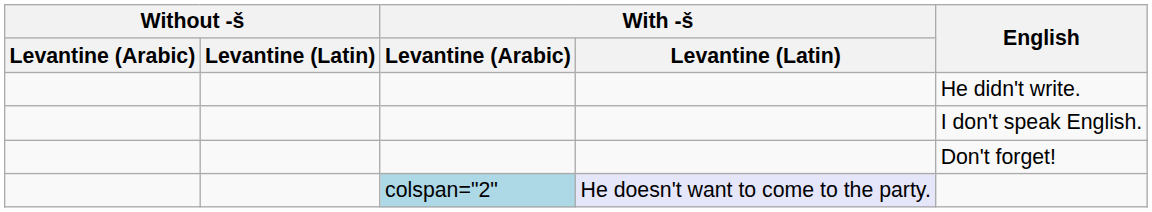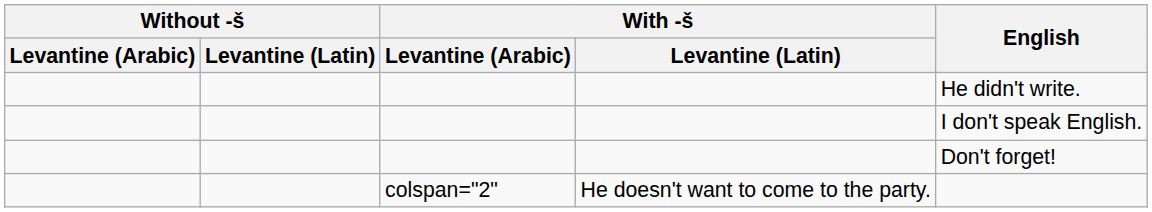 <table class="wikitable">
 <tr>
 <th colspan="2">Without -š</th>
 <th colspan="2">With -š</th>
 <th rowspan="2">English</th>
 </tr>
 <tr>
 <th>Levantine (Arabic)</th>
 <th>Levantine (Latin)</th>
 <th>Levantine (Arabic)</th>
 <th>Levantine (Latin)</th>
 </tr>
 <tr>
 <td style="text-align: right;"></td>
 <td></td>
 <td style="text-align: right;"></td>
 <td></td>
 <td>He didn't write.</td>
 </tr>
 <tr>
 <td style="text-align: right;"></td>
 <td></td>
 <td style="text-align: right;"></td>
 <td></td>
 <td>I don't speak English.</td>
 </tr>
 <tr>
 <td style="text-align: right;"></td>
 <td></td>
 <td style="text-align: right;"></td>
 <td></td>
 <td>Don't forget!</td>
 </tr>
 <tr>
 <td style="text-align: right;"></td>
 <td></td>
-<td style="background: lightblue;">colspan="2" </td>
-<td style="background: lavender;">He doesn't want to come to the party.</td>
+<td>colspan="2" </td>
+<td>He doesn't want to come to the party.</td>
 </tr>
 </table>
